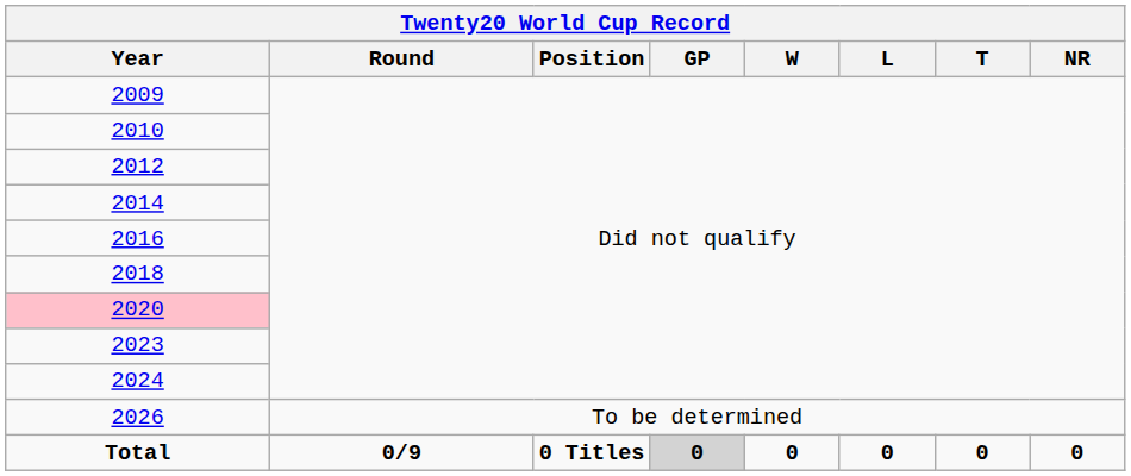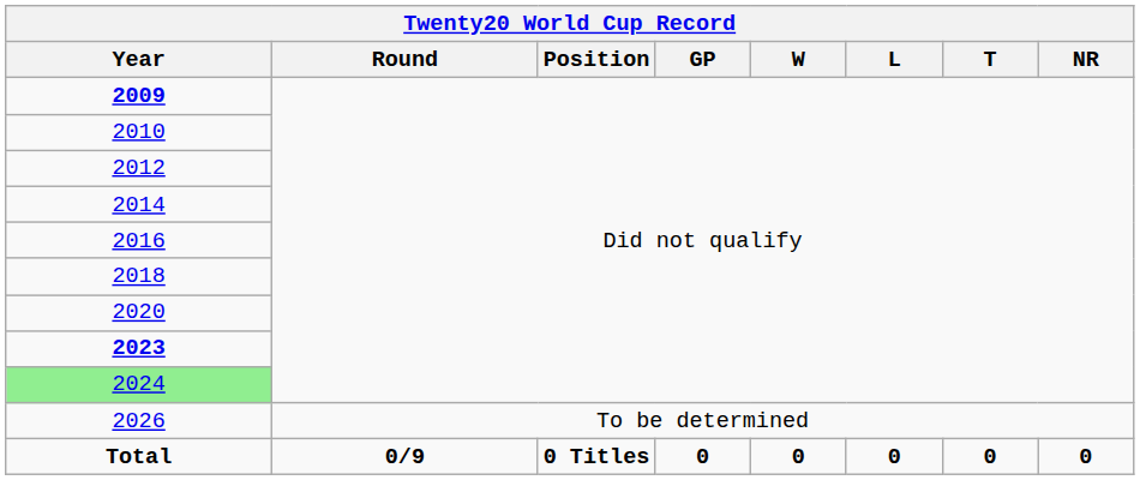 <table class="wikitable" style="text-align: center; width=900px;">
 <tr>
 <th colspan="8"><a href='#'>Twenty20 World Cup Record</a></th>
 </tr>
 <tr>
 <th width=150>Year</th>
 <th width=150>Round</th>
 <th width=50>Position</th>
 <th width=50>GP</th>
 <th width=50>W</th>
 <th width=50>L</th>
 <th width=50>T</th>
 <th width=50>NR</th>
 </tr>
 <tr>
-<td> <a href='#'>2009</a></td>
+<td><strong> <a href='#'>2009</a></strong></td>
 <td colspan=7  rowspan=9>Did not qualify</td>
 </tr>
 <tr>
 <td> <a href='#'>2010</a></td>
 </tr>
 <tr>
 <td> <a href='#'>2012</a></td>
 </tr>
 <tr>
 <td> <a href='#'>2014</a></td>
 </tr>
 <tr>
 <td> <a href='#'>2016</a></td>
 </tr>
 <tr>
 <td> <a href='#'>2018</a></td>
 </tr>
 <tr>
-<td style="background: pink;"> <a href='#'>2020</a></td>
+<td> <a href='#'>2020</a></td>
 </tr>
 <tr>
-<td> <a href='#'>2023</a></td>
+<td><strong> <a href='#'>2023</a></strong></td>
 </tr>
 <tr>
-<td> <a href='#'>2024</a></td>
+<td style="background: lightgreen;"> <a href='#'>2024</a></td>
 </tr>
 <tr>
 <td> <a href='#'>2026</a></td>
 <td colspan=8>To be determined</td>
 </tr>
 <tr>
 <td><strong>Total</strong></td>
 <td><strong>0/9</strong></td>
 <td><strong>0 Titles</strong></td>
-<td style="background: lightgrey;"><strong>0</strong></td>
+<td><strong>0</strong></td>
 <td><strong>0</strong></td>
 <td><strong>0</strong></td>
 <td><strong>0</strong></td>
 <td><strong>0</strong></td>
 </tr>
 </table>
